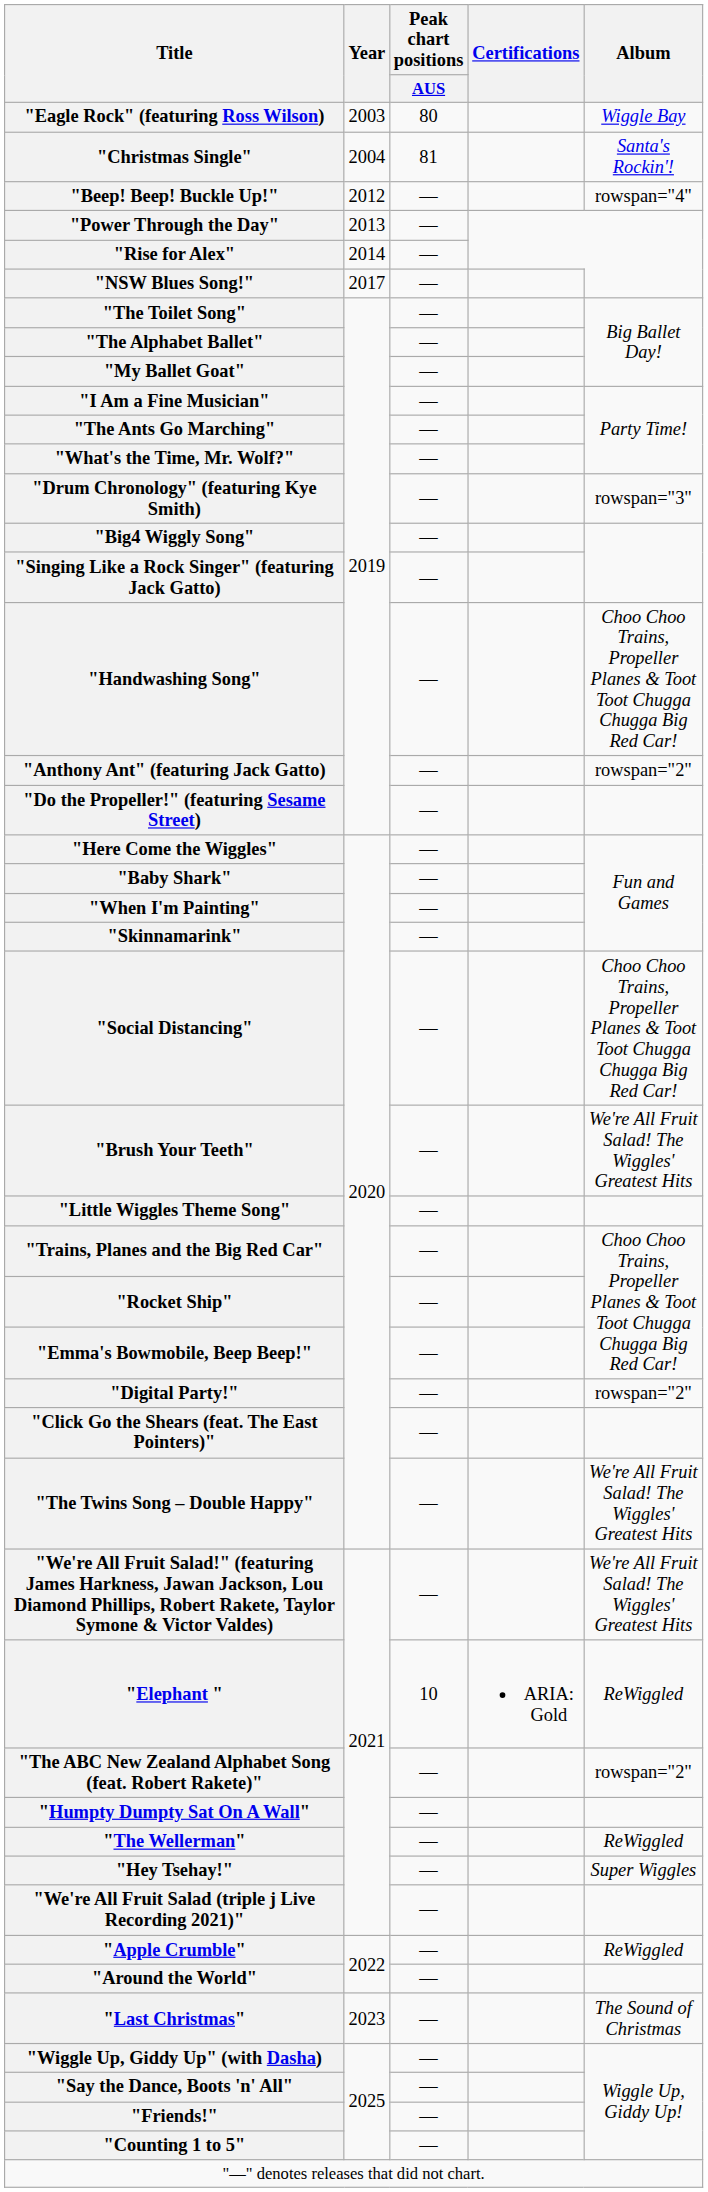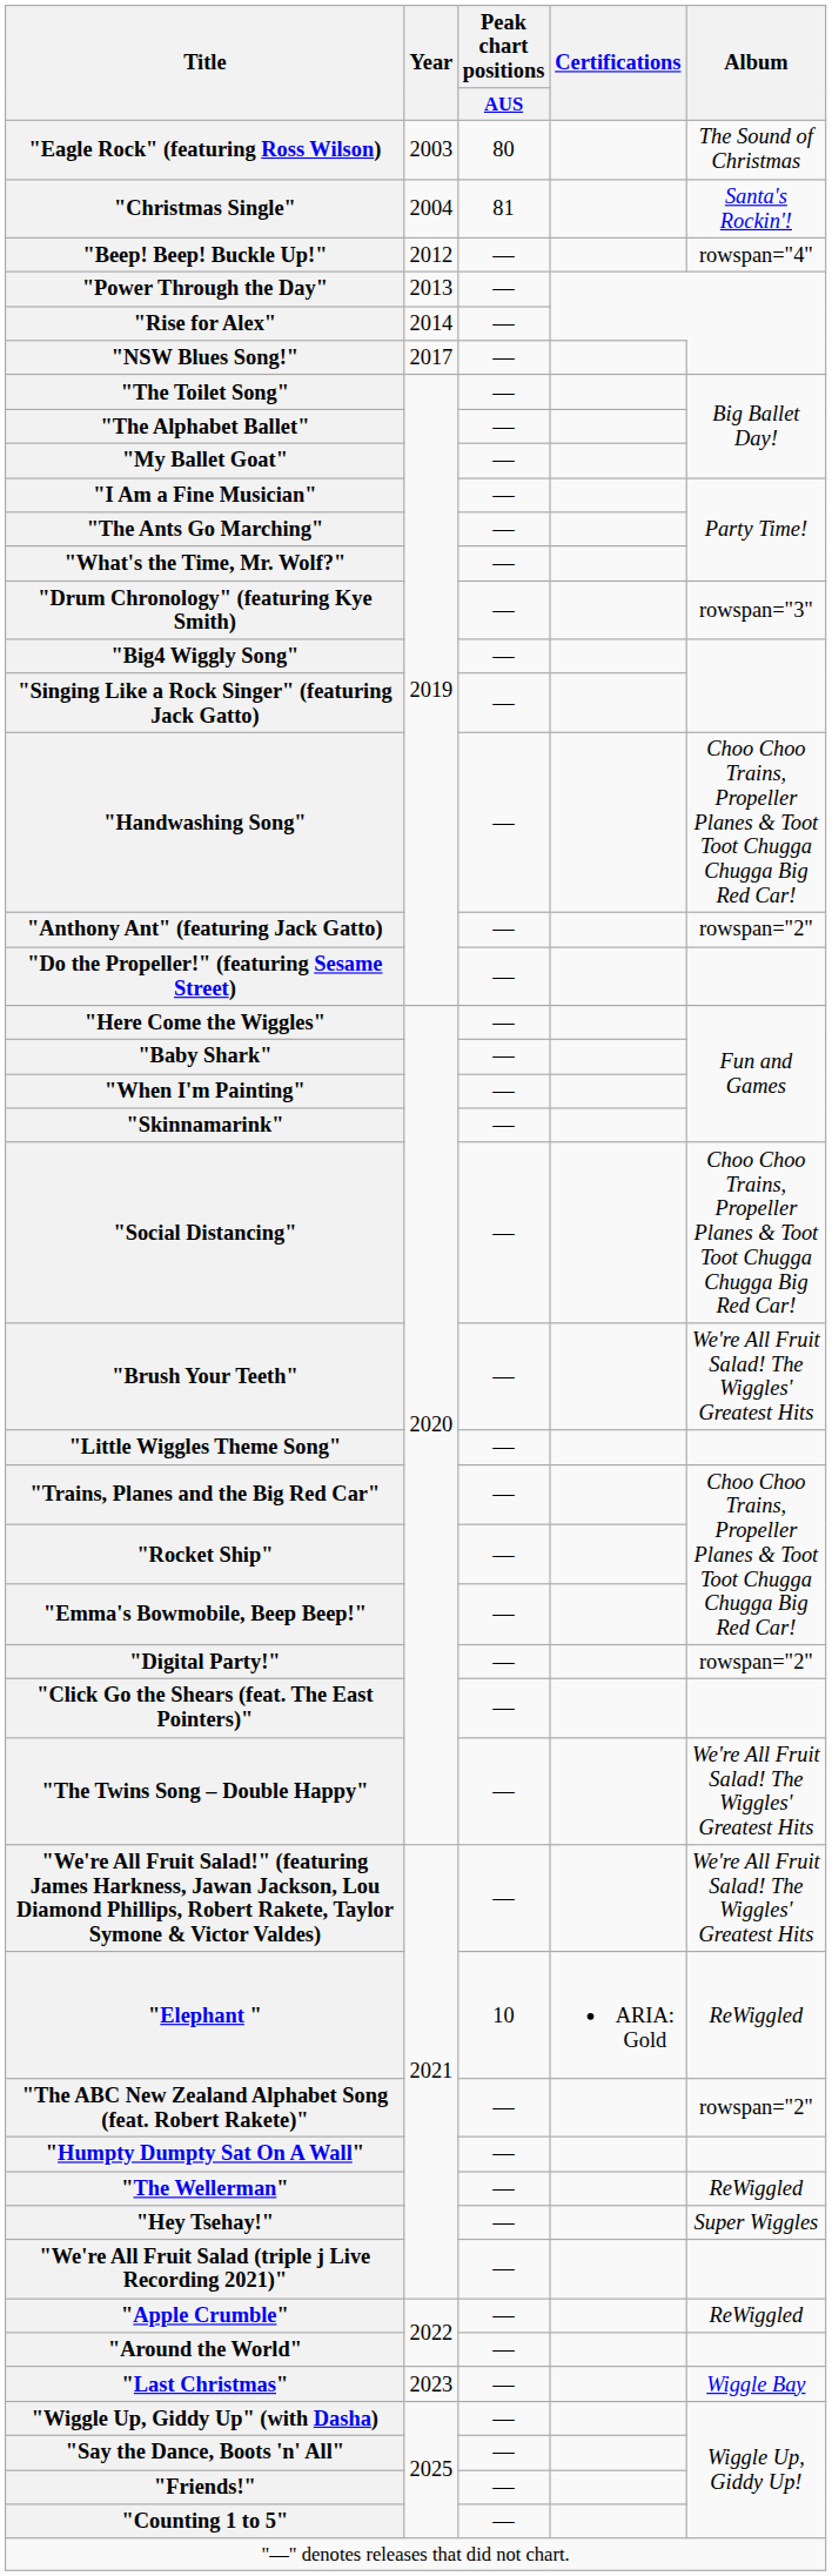 <table class="wikitable plainrowheaders" style="text-align:center;">
 <tr>
 <th scope="col" rowspan="2" style="width:18em;">Title</th>
 <th scope="col" rowspan="2">Year</th>
 <th scope="col" colspan="1">Peak chart positions</th>
 <th scope="col" rowspan="2"><a href='#'>Certifications</a></th>
 <th scope="col" rowspan="2">Album</th>
 </tr>
 <tr>
 <th scope="col" style="width:2.5em;font-size:90%;"><a href='#'>AUS</a><br></th>
 </tr>
 <tr>
 <th scope="row">"Eagle Rock" <span>(featuring <a href='#'>Ross Wilson</a>)</span> </th>
 <td>2003</td>
 <td>80</td>
 <td></td>
-<td><em><a href='#'>Wiggle Bay</a></em></td>
+<td><em>The Sound of Christmas</em></td>
 </tr>
 <tr>
 <th scope="row">"Christmas Single" </th>
 <td>2004</td>
 <td>81</td>
 <td></td>
 <td><em><a href='#'>Santa's Rockin'!</a></em></td>
 </tr>
 <tr>
 <th scope="row">"Beep! Beep! Buckle Up!"</th>
 <td>2012</td>
 <td>—</td>
 <td></td>
 <td>rowspan="4" </td>
 </tr>
 <tr>
 <th scope="row">"Power Through the Day"</th>
 <td>2013</td>
 <td>—</td>
 </tr>
 <tr>
 <th scope="row">"Rise for Alex"</th>
 <td>2014</td>
 <td>—</td>
 </tr>
 <tr>
 <th scope="row">"NSW Blues Song!"</th>
 <td>2017</td>
 <td>—</td>
 <td></td>
 </tr>
 <tr>
 <th scope="row">"The Toilet Song"</th>
 <td rowspan="12">2019</td>
 <td>—</td>
 <td></td>
 <td rowspan="3"><em>Big Ballet Day!</em></td>
 </tr>
 <tr>
 <th scope="row">"The Alphabet Ballet"</th>
 <td>—</td>
 <td></td>
 </tr>
 <tr>
 <th scope="row">"My Ballet Goat"</th>
 <td>—</td>
 <td></td>
 </tr>
 <tr>
 <th scope="row">"I Am a Fine Musician"</th>
 <td>—</td>
 <td></td>
 <td rowspan="3"><em>Party Time!</em></td>
 </tr>
 <tr>
 <th scope="row">"The Ants Go Marching"</th>
 <td>—</td>
 <td></td>
 </tr>
 <tr>
 <th scope="row">"What's the Time, Mr. Wolf?"</th>
 <td>—</td>
 <td></td>
 </tr>
 <tr>
 <th scope="row">"Drum Chronology" <span>(featuring Kye Smith)</span></th>
 <td>—</td>
 <td></td>
 <td>rowspan="3" </td>
 </tr>
 <tr>
 <th scope="row">"Big4 Wiggly Song"</th>
 <td>—</td>
 <td></td>
 </tr>
 <tr>
 <th scope="row">"Singing Like a Rock Singer" <span>(featuring Jack Gatto)</span></th>
 <td>—</td>
 <td></td>
 </tr>
 <tr>
 <th scope="row">"Handwashing Song"</th>
 <td>—</td>
 <td></td>
 <td><em>Choo Choo Trains, Propeller Planes & Toot Toot Chugga Chugga Big Red Car!</em></td>
 </tr>
 <tr>
 <th scope="row">"Anthony Ant" <span>(featuring Jack Gatto)</span></th>
 <td>—</td>
 <td></td>
 <td>rowspan="2" </td>
 </tr>
 <tr>
 <th scope="row">"Do the Propeller!" <span>(featuring <a href='#'>Sesame Street</a>)</span></th>
 <td>—</td>
 <td></td>
 </tr>
 <tr>
 <th scope="row">"Here Come the Wiggles"</th>
 <td rowspan="13">2020</td>
 <td>—</td>
 <td></td>
 <td rowspan="4"><em>Fun and Games</em></td>
 </tr>
 <tr>
 <th scope="row">"Baby Shark"</th>
 <td>—</td>
 <td></td>
 </tr>
 <tr>
 <th scope="row">"When I'm Painting"</th>
 <td>—</td>
 <td></td>
 </tr>
 <tr>
 <th scope="row">"Skinnamarink"</th>
 <td>—</td>
 <td></td>
 </tr>
 <tr>
 <th scope="row">"Social Distancing"</th>
 <td>—</td>
 <td></td>
 <td><em>Choo Choo Trains, Propeller Planes & Toot Toot Chugga Chugga Big Red Car!</em></td>
 </tr>
 <tr>
 <th scope="row">"Brush Your Teeth"</th>
 <td>—</td>
 <td></td>
 <td><em>We're All Fruit Salad! The Wiggles' Greatest Hits</em></td>
 </tr>
 <tr>
 <th scope="row">"Little Wiggles Theme Song"</th>
 <td>—</td>
 <td></td>
 </tr>
 <tr>
 <th scope="row">"Trains, Planes and the Big Red Car"</th>
 <td>—</td>
 <td></td>
 <td rowspan="3"><em>Choo Choo Trains, Propeller Planes & Toot Toot Chugga Chugga Big Red Car!</em></td>
 </tr>
 <tr>
 <th scope="row">"Rocket Ship"</th>
 <td>—</td>
 <td></td>
 </tr>
 <tr>
 <th scope="row">"Emma's Bowmobile, Beep Beep!"</th>
 <td>—</td>
 <td></td>
 </tr>
 <tr>
 <th scope="row">"Digital Party!"</th>
 <td>—</td>
 <td></td>
 <td>rowspan="2" </td>
 </tr>
 <tr>
 <th scope="row">"Click Go the Shears (feat. The East Pointers)"</th>
 <td>—</td>
 <td></td>
 </tr>
 <tr>
 <th scope="row">"The Twins Song – Double Happy"</th>
 <td>—</td>
 <td></td>
 <td><em>We're All Fruit Salad! The Wiggles' Greatest Hits</em></td>
 </tr>
 <tr>
 <th scope="row">"We're All Fruit Salad!" <span>(featuring James Harkness, Jawan Jackson, Lou Diamond Phillips, Robert Rakete, Taylor Symone & Victor Valdes)</span></th>
 <td rowspan="7">2021</td>
 <td>—</td>
 <td></td>
 <td><em>We're All Fruit Salad! The Wiggles' Greatest Hits</em></td>
 </tr>
 <tr>
 <th scope="row">"<a href='#'>Elephant</a> "</th>
 <td>10</td>
 <td><br><ul><li>ARIA: Gold</li></ul></td>
 <td><em>ReWiggled</em></td>
 </tr>
 <tr>
 <th scope="row">"The ABC New Zealand Alphabet Song (feat. Robert Rakete)"</th>
 <td>—</td>
 <td></td>
 <td>rowspan="2" </td>
 </tr>
 <tr>
 <th scope="row">"<a href='#'>Humpty Dumpty Sat On A Wall</a>"</th>
 <td>—</td>
 <td></td>
 </tr>
 <tr>
 <th scope="row">"<a href='#'>The Wellerman</a>"</th>
 <td>—</td>
 <td></td>
 <td><em>ReWiggled</em></td>
 </tr>
 <tr>
 <th scope="row">"Hey Tsehay!"</th>
 <td>—</td>
 <td></td>
 <td><em>Super Wiggles</em></td>
 </tr>
 <tr>
 <th scope="row">"We're All Fruit Salad (triple j Live Recording 2021)"</th>
 <td>—</td>
 <td></td>
 <td></td>
 </tr>
 <tr>
 <th scope="row">"<a href='#'>Apple Crumble</a>"</th>
 <td rowspan="2">2022</td>
 <td>—</td>
 <td></td>
 <td><em>ReWiggled</em></td>
 </tr>
 <tr>
 <th scope="row">"Around the World"</th>
 <td>—</td>
 <td></td>
 <td></td>
 </tr>
 <tr>
 <th scope="row">"<a href='#'>Last Christmas</a>"</th>
 <td>2023</td>
 <td>—</td>
 <td></td>
-<td><em>The Sound of Christmas</em></td>
+<td><em><a href='#'>Wiggle Bay</a></em></td>
 </tr>
 <tr>
 <th scope="row">"Wiggle Up, Giddy Up" (with <a href='#'>Dasha</a>)</th>
 <td rowspan="4">2025</td>
 <td>—</td>
 <td></td>
 <td rowspan="4"><em>Wiggle Up, Giddy Up!</em></td>
 </tr>
 <tr>
 <th scope="row">"Say the Dance, Boots 'n' All"<br></th>
 <td>—</td>
 <td></td>
 </tr>
 <tr>
 <th scope="row">"Friends!"<br></th>
 <td>—</td>
 <td></td>
 </tr>
 <tr>
 <th scope="row">"Counting 1 to 5"</th>
 <td>—</td>
 <td></td>
 </tr>
 <tr>
 <td colspan="5" style="font-size:90%;">"—" denotes releases that did not chart.</td>
 </tr>
 </table>
